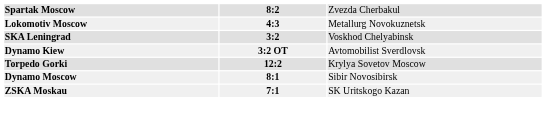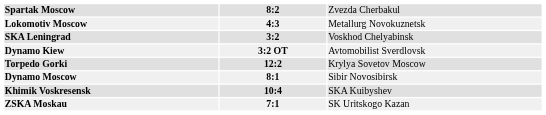 <table width="70%">
 <tr bgcolor="#e0e0e0">
 <td style="width:40%;"><strong>Spartak Moscow</strong></td>
 <th style="width:20%;"><strong>8:2</strong></th>
 <td style="width:40%;">Zvezda Cherbakul</td>
 </tr>
 <tr bgcolor="#f0f0f0">
 <td><strong>Lokomotiv Moscow</strong></td>
 <th><strong>4:3</strong></th>
 <td>Metallurg Novokuznetsk</td>
 </tr>
 <tr bgcolor="#e0e0e0">
 <td><strong>SKA Leningrad</strong></td>
 <th><strong>3:2</strong></th>
 <td>Voskhod Chelyabinsk</td>
 </tr>
 <tr bgcolor="#f0f0f0">
 <td><strong>Dynamo Kiew</strong></td>
 <td align="center"><strong>3:2 OT</strong></td>
 <td>Avtomobilist Sverdlovsk</td>
 </tr>
 <tr bgcolor="#e0e0e0">
 <td><strong>Torpedo Gorki</strong></td>
 <th><strong>12:2</strong></th>
 <td>Krylya Sovetov Moscow</td>
 </tr>
 <tr bgcolor="#f0f0f0">
 <td><strong>Dynamo Moscow</strong></td>
 <td align="center"><strong>8:1</strong></td>
 <td>Sibir Novosibirsk</td>
 </tr>
+<tr bgcolor="#e0e0e0">
+<td><strong>Khimik Voskresensk</strong></td>
+<th><strong>10:4</strong></th>
+<td>SKA Kuibyshev</td>
+</tr>
 <tr bgcolor="#f0f0f0">
 <td><strong>ZSKA Moskau</strong></td>
 <td align="center"><strong>7:1</strong></td>
 <td>SK Uritskogo Kazan</td>
 </tr>
 </table>
